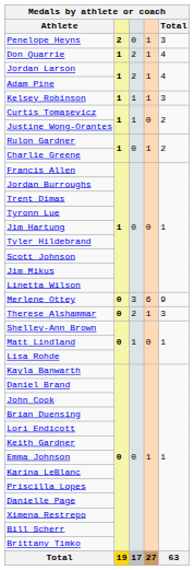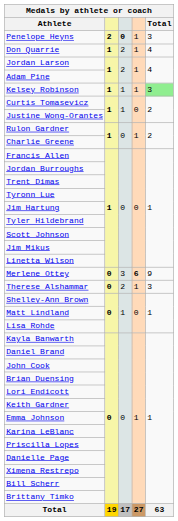 <table class=wikitable>
 <tr>
 <th colspan=5>Medals by athlete or coach</th>
 </tr>
 <tr>
 <th>Athlete</th>
 <td bgcolor=F7F6A8></td>
 <td bgcolor=DCE5E5></td>
 <td bgcolor=FFDAB9></td>
 <th>Total</th>
 </tr>
 <tr>
 <td> <a href='#'>Penelope Heyns</a> </td>
 <td bgcolor=F7F6A8><strong>2</strong></td>
-<td bgcolor=DCE5E5>0</td>
+<td bgcolor=DCE5E5><strong>0</strong></td>
 <td bgcolor=FFDAB9>1</td>
 <td>3</td>
 </tr>
 <tr>
 <td> <a href='#'>Don Quarrie</a> </td>
 <td bgcolor=F7F6A8><strong>1</strong></td>
 <td bgcolor=DCE5E5>2</td>
 <td bgcolor=FFDAB9>1</td>
 <td>4</td>
 </tr>
 <tr>
 <td> <a href='#'>Jordan Larson</a> </td>
 <td rowspan=2 bgcolor=F7F6A8><strong>1</strong></td>
 <td rowspan=2 bgcolor=DCE5E5>2</td>
 <td rowspan=2 bgcolor=FFDAB9>1</td>
 <td rowspan=2>4</td>
 </tr>
 <tr>
 <td> <a href='#'>Adam Pine</a> </td>
 </tr>
 <tr>
 <td> <a href='#'>Kelsey Robinson</a> </td>
 <td bgcolor=F7F6A8><strong>1</strong></td>
 <td bgcolor=DCE5E5>1</td>
 <td bgcolor=FFDAB9>1</td>
-<td>3</td>
+<td style="background: lightgreen;">3</td>
 </tr>
 <tr>
 <td> <a href='#'>Curtis Tomasevicz</a> </td>
 <td rowspan=2 bgcolor=F7F6A8><strong>1</strong></td>
 <td rowspan=2 bgcolor=DCE5E5>1</td>
 <td rowspan=2 bgcolor=FFDAB9>0</td>
 <td rowspan=2>2</td>
 </tr>
 <tr>
 <td> <a href='#'>Justine Wong-Orantes</a> </td>
 </tr>
 <tr>
 <td> <a href='#'>Rulon Gardner</a> </td>
 <td rowspan=2 bgcolor=F7F6A8><strong>1</strong></td>
 <td rowspan=2 bgcolor=DCE5E5>0</td>
 <td rowspan=2 bgcolor=FFDAB9>1</td>
 <td rowspan=2>2</td>
 </tr>
 <tr>
 <td> <a href='#'>Charlie Greene</a> </td>
 </tr>
 <tr>
 <td> <a href='#'>Francis Allen</a> </td>
 <td rowspan=9 bgcolor=F7F6A8><strong>1</strong></td>
 <td rowspan=9 bgcolor=DCE5E5>0</td>
 <td rowspan=9 bgcolor=FFDAB9>0</td>
 <td rowspan=9>1</td>
 </tr>
 <tr>
 <td> <a href='#'>Jordan Burroughs</a> </td>
 </tr>
 <tr>
 <td> <a href='#'>Trent Dimas</a> </td>
 </tr>
 <tr>
 <td> <a href='#'>Tyronn Lue</a> </td>
 </tr>
 <tr>
 <td> <a href='#'>Jim Hartung</a> </td>
 </tr>
 <tr>
 <td> <a href='#'>Tyler Hildebrand</a> </td>
 </tr>
 <tr>
 <td> <a href='#'>Scott Johnson</a> </td>
 </tr>
 <tr>
 <td> <a href='#'>Jim Mikus</a> </td>
 </tr>
 <tr>
 <td> <a href='#'>Linetta Wilson</a> </td>
 </tr>
 <tr>
 <td>  <a href='#'>Merlene Ottey</a> </td>
 <td bgcolor=F7F6A8><strong>0</strong></td>
 <td bgcolor=DCE5E5>3</td>
-<td bgcolor=FFDAB9>6</td>
+<td bgcolor=FFDAB9><strong>6</strong></td>
 <td>9</td>
 </tr>
 <tr>
 <td> <a href='#'>Therese Alshammar</a> </td>
 <td bgcolor=F7F6A8><strong>0</strong></td>
 <td bgcolor=DCE5E5>2</td>
 <td bgcolor=FFDAB9>1</td>
 <td>3</td>
 </tr>
 <tr>
 <td> <a href='#'>Shelley-Ann Brown</a> </td>
 <td rowspan=3 bgcolor=F7F6A8><strong>0</strong></td>
 <td rowspan=3 bgcolor=DCE5E5>1</td>
 <td rowspan=3 bgcolor=FFDAB9>0</td>
 <td rowspan=3>1</td>
 </tr>
 <tr>
 <td> <a href='#'>Matt Lindland</a> </td>
 </tr>
 <tr>
 <td> <a href='#'>Lisa Rohde</a> </td>
 </tr>
 <tr>
 <td> <a href='#'>Kayla Banwarth</a> </td>
 <td rowspan=13 bgcolor=F7F6A8><strong>0</strong></td>
 <td rowspan=13 bgcolor=DCE5E5>0</td>
 <td rowspan=13 bgcolor=FFDAB9>1</td>
 <td rowspan=13>1</td>
 </tr>
 <tr>
 <td> <a href='#'>Daniel Brand</a> </td>
 </tr>
 <tr>
 <td> <a href='#'>John Cook</a> </td>
 </tr>
 <tr>
 <td> <a href='#'>Brian Duensing</a> </td>
 </tr>
 <tr>
 <td> <a href='#'>Lori Endicott</a> </td>
 </tr>
 <tr>
 <td>  <a href='#'>Keith Gardner</a> </td>
 </tr>
 <tr>
 <td> <a href='#'>Emma Johnson</a> </td>
 </tr>
 <tr>
 <td> <a href='#'>Karina LeBlanc</a> </td>
 </tr>
 <tr>
 <td> <a href='#'>Priscilla Lopes</a> </td>
 </tr>
 <tr>
 <td> <a href='#'>Danielle Page</a> </td>
 </tr>
 <tr>
 <td> <a href='#'>Ximena Restrepo</a> </td>
 </tr>
 <tr>
 <td> <a href='#'>Bill Scherr</a> </td>
 </tr>
 <tr>
 <td> <a href='#'>Brittany Timko</a> </td>
 </tr>
 <tr>
 <th>Total</th>
 <th style=background:gold>19</th>
 <th style=background:silver>17</th>
 <th style=background:#c96>27</th>
 <th>63</th>
 </tr>
 </table>
